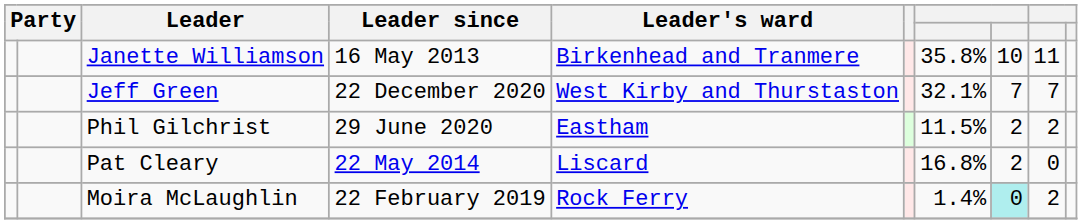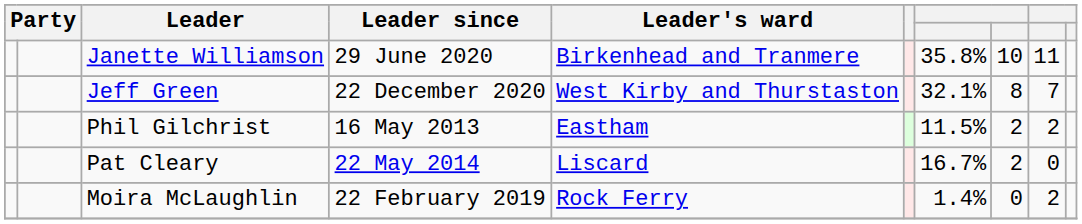 <table class="wikitable" style="font-size:95%;">
 <tr>
 <th rowspan="2" colspan="2">Party</th>
 <th rowspan="2">Leader</th>
 <th rowspan="2">Leader since</th>
 <th rowspan="2">Leader's ward</th>
 <th rowspan="2"></th>
 <th colspan="2"></th>
 <th colspan="2"></th>
 </tr>
 <tr>
 <th></th>
 <th></th>
 <th></th>
 <th></th>
 </tr>
 <tr>
 <td style="color:inherit;background:"></td>
 <td><a href='#'></a></td>
 <td><a href='#'>Janette Williamson</a></td>
-<td>16 May 2013</td>
+<td>29 June 2020</td>
 <td><a href='#'>Birkenhead and Tranmere</a></td>
 <td style="text-align:center; background:#ffe8e8;"></td>
 <td style="text-align:right;">35.8%</td>
 <td style="text-align:right;">10</td>
 <td style="text-align:right;">11</td>
 <td></td>
 </tr>
 <tr>
 <td width="1" style="color:inherit;background:"></td>
 <td><a href='#'></a></td>
 <td><a href='#'>Jeff Green</a></td>
 <td>22 December 2020</td>
 <td><a href='#'>West Kirby and Thurstaston</a></td>
 <td style="text-align:center; background:#ffe8e8;"></td>
 <td style="text-align:right;">32.1%</td>
-<td style="text-align:right;">7</td>
+<td style="text-align:right;">8</td>
 <td style="text-align:right;">7</td>
 <td></td>
 </tr>
 <tr>
 <td style="color:inherit;background:"></td>
 <td><a href='#'></a></td>
 <td>Phil Gilchrist</td>
-<td>29 June 2020</td>
+<td>16 May 2013</td>
 <td><a href='#'>Eastham</a></td>
 <td style="text-align:center; background:#dfd;"></td>
 <td style="text-align:right;">11.5%</td>
 <td style="text-align:right;">2</td>
 <td style="text-align:right;">2</td>
 <td></td>
 </tr>
 <tr>
 <td style="color:inherit;background:"></td>
 <td><a href='#'></a></td>
 <td>Pat Cleary</td>
 <td><a href='#'>22 May 2014</a></td>
 <td><a href='#'>Liscard</a></td>
 <td style="text-align:center; background:#ffe8e8;"></td>
-<td style="text-align:right;">16.8%</td>
+<td style="text-align:right;">16.7%</td>
 <td style="text-align:right;">2</td>
 <td style="text-align:right;">0</td>
 <td></td>
 </tr>
 <tr>
 <td style="color:inherit;background:"></td>
 <td><a href='#'></a></td>
 <td>Moira McLaughlin</td>
 <td>22 February 2019</td>
 <td><a href='#'>Rock Ferry</a></td>
 <td style="text-align:center; background:#ffe8e8;"></td>
 <td style="text-align:right;">1.4%</td>
-<td style="background: paleturquoise; text-align:right;">0</td>
+<td style="text-align:right;">0</td>
 <td style="text-align:right;">2</td>
 <td></td>
 </tr>
 <tr>
 </tr>
 </table>
